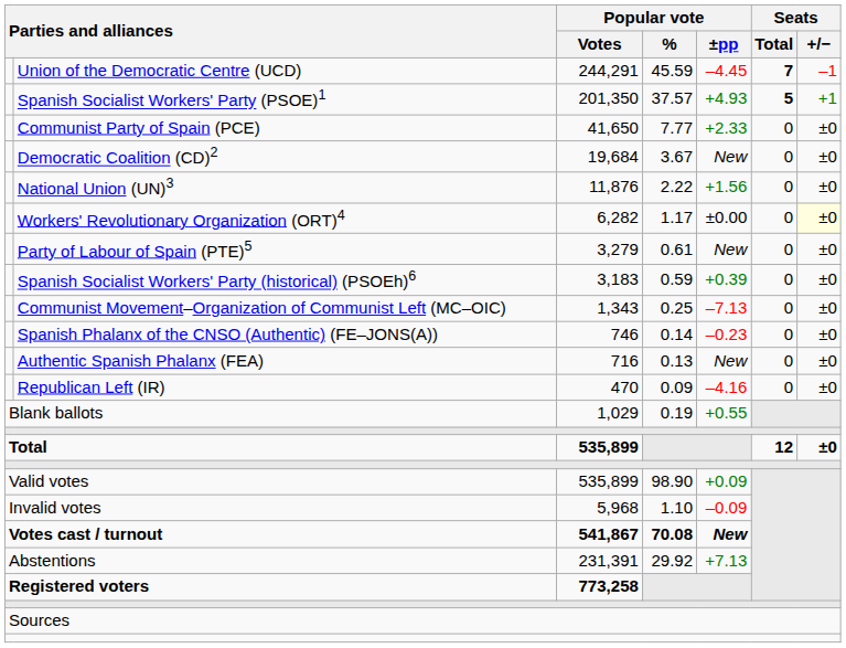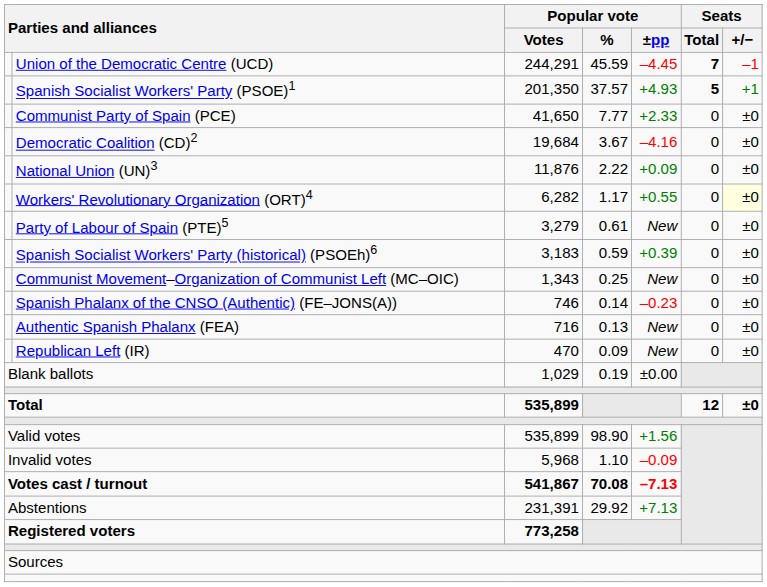 <table class="wikitable" style="text-align:right;">
 <tr>
 <th style="text-align:left;" rowspan="2" colspan="2" width="525">Parties and alliances</th>
 <th colspan="3">Popular vote</th>
 <th colspan="2">Seats</th>
 </tr>
 <tr>
 <th width="75">Votes</th>
 <th width="45">%</th>
 <th width="45">±<a href='#'>pp</a></th>
 <th width="35">Total</th>
 <th width="35">+/−</th>
 </tr>
 <tr>
 <td width="1" style="color:inherit;background:"></td>
 <td align="left"><a href='#'>Union of the Democratic Centre</a> (UCD)</td>
 <td>244,291</td>
 <td>45.59</td>
 <td style="color:red;">–4.45</td>
 <td><strong>7</strong></td>
 <td style="color:red;">–1</td>
 </tr>
 <tr>
 <td style="color:inherit;background:"></td>
 <td align="left"><a href='#'>Spanish Socialist Workers' Party</a> (PSOE)<sup>1</sup></td>
 <td>201,350</td>
 <td>37.57</td>
 <td style="color:green;">+4.93</td>
 <td><strong>5</strong></td>
 <td style="color:green;">+1</td>
 </tr>
 <tr>
 <td style="color:inherit;background:"></td>
 <td align="left"><a href='#'>Communist Party of Spain</a> (PCE)</td>
 <td>41,650</td>
 <td>7.77</td>
 <td style="color:green;">+2.33</td>
 <td>0</td>
 <td>±0</td>
 </tr>
 <tr>
 <td style="color:inherit;background:"></td>
 <td align="left"><a href='#'>Democratic Coalition</a> (CD)<sup>2</sup></td>
 <td>19,684</td>
 <td>3.67</td>
-<td><em>New</em></td>
+<td style="color:red;">–4.16</td>
 <td>0</td>
 <td>±0</td>
 </tr>
 <tr>
 <td style="color:inherit;background:"></td>
 <td align="left"><a href='#'>National Union</a> (UN)<sup>3</sup></td>
 <td>11,876</td>
 <td>2.22</td>
-<td style="color:green;">+1.56</td>
+<td style="color:green;">+0.09</td>
 <td>0</td>
 <td>±0</td>
 </tr>
 <tr>
 <td style="color:inherit;background:"></td>
 <td align="left"><a href='#'>Workers' Revolutionary Organization</a> (ORT)<sup>4</sup></td>
 <td>6,282</td>
 <td>1.17</td>
-<td>±0.00</td>
+<td style="color:green;">+0.55</td>
 <td>0</td>
 <td style="background: lightyellow;">±0</td>
 </tr>
 <tr>
 <td style="color:inherit;background:"></td>
 <td align="left"><a href='#'>Party of Labour of Spain</a> (PTE)<sup>5</sup></td>
 <td>3,279</td>
 <td>0.61</td>
 <td><em>New</em></td>
 <td>0</td>
 <td>±0</td>
 </tr>
 <tr>
 <td style="color:inherit;background:"></td>
 <td align="left"><a href='#'>Spanish Socialist Workers' Party (historical)</a> (PSOEh)<sup>6</sup></td>
 <td>3,183</td>
 <td>0.59</td>
 <td style="color:green;">+0.39</td>
 <td>0</td>
 <td>±0</td>
 </tr>
 <tr>
 <td style="color:inherit;background:"></td>
 <td align="left"><a href='#'>Communist Movement</a>–<a href='#'>Organization of Communist Left</a> (MC–OIC)</td>
 <td>1,343</td>
 <td>0.25</td>
-<td style="color:red;">–7.13</td>
+<td><em>New</em></td>
 <td>0</td>
 <td>±0</td>
 </tr>
 <tr>
 <td style="color:inherit;background:"></td>
 <td align="left"><a href='#'>Spanish Phalanx of the CNSO (Authentic)</a> (FE–JONS(A))</td>
 <td>746</td>
 <td>0.14</td>
 <td style="color:red;">–0.23</td>
 <td>0</td>
 <td>±0</td>
 </tr>
 <tr>
 <td style="color:inherit;background:"></td>
 <td align="left"><a href='#'>Authentic Spanish Phalanx</a> (FEA)</td>
 <td>716</td>
 <td>0.13</td>
 <td><em>New</em></td>
 <td>0</td>
 <td>±0</td>
 </tr>
 <tr>
 <td style="color:inherit;background:"></td>
 <td align="left"><a href='#'>Republican Left</a> (IR)</td>
 <td>470</td>
 <td>0.09</td>
-<td style="color:red;">–4.16</td>
+<td><em>New</em></td>
 <td>0</td>
 <td>±0</td>
 </tr>
 <tr>
 <td align="left" colspan="2">Blank ballots</td>
 <td>1,029</td>
 <td>0.19</td>
-<td style="color:green;">+0.55</td>
+<td>±0.00</td>
 <td bgcolor="#E9E9E9" colspan="2"></td>
 </tr>
 <tr>
 <td colspan="7" bgcolor="#E9E9E9"></td>
 </tr>
 <tr style="font-weight:bold;">
 <td align="left" colspan="2">Total</td>
 <td>535,899</td>
 <td bgcolor="#E9E9E9" colspan="2"></td>
 <td>12</td>
 <td>±0</td>
 </tr>
 <tr>
 <td colspan="7" bgcolor="#E9E9E9"></td>
 </tr>
 <tr>
 <td align="left" colspan="2">Valid votes</td>
 <td>535,899</td>
 <td>98.90</td>
-<td style="color:green;">+0.09</td>
+<td style="color:green;">+1.56</td>
 <td bgcolor="#E9E9E9" colspan="2" rowspan="5"></td>
 </tr>
 <tr>
 <td align="left" colspan="2">Invalid votes</td>
 <td>5,968</td>
 <td>1.10</td>
 <td style="color:red;">–0.09</td>
 </tr>
 <tr style="font-weight:bold;">
 <td align="left" colspan="2">Votes cast / turnout</td>
 <td>541,867</td>
 <td>70.08</td>
-<td><em>New</em></td>
+<td style="color:red;">–7.13</td>
 </tr>
 <tr>
 <td align="left" colspan="2">Abstentions</td>
 <td>231,391</td>
 <td>29.92</td>
 <td style="color:green;">+7.13</td>
 </tr>
 <tr style="font-weight:bold;">
 <td align="left" colspan="2">Registered voters</td>
 <td>773,258</td>
 <td bgcolor="#E9E9E9" colspan="2"></td>
 </tr>
 <tr>
 <td colspan="7" bgcolor="#E9E9E9"></td>
 </tr>
 <tr>
 <td align="left" colspan="7">Sources</td>
 </tr>
 <tr>
 <td colspan="7" style="text-align:left; max-width:790px;"></td>
 </tr>
 </table>
